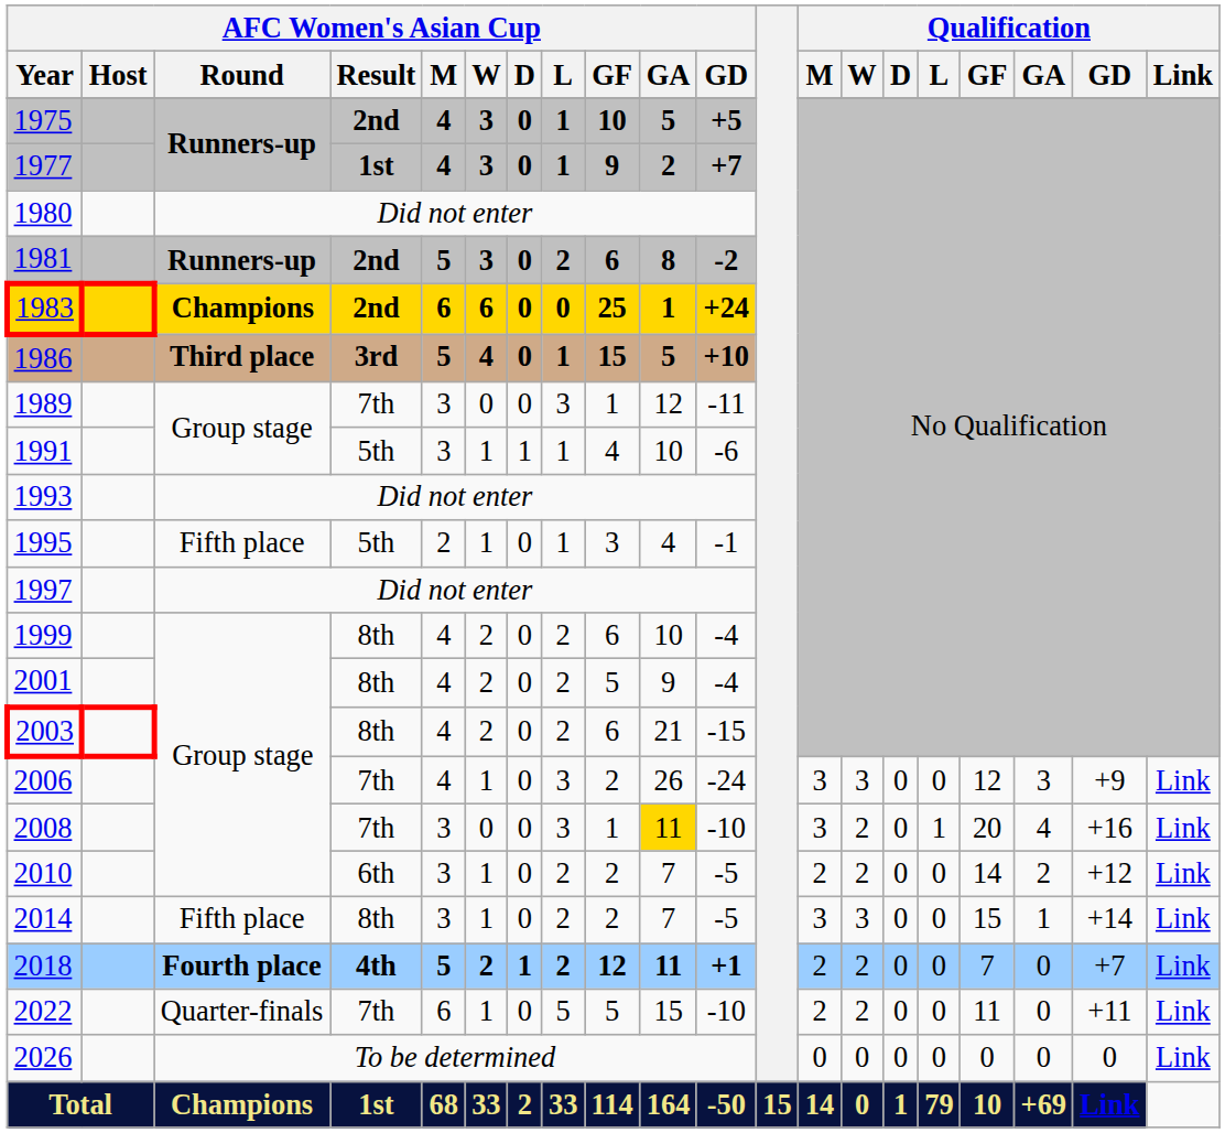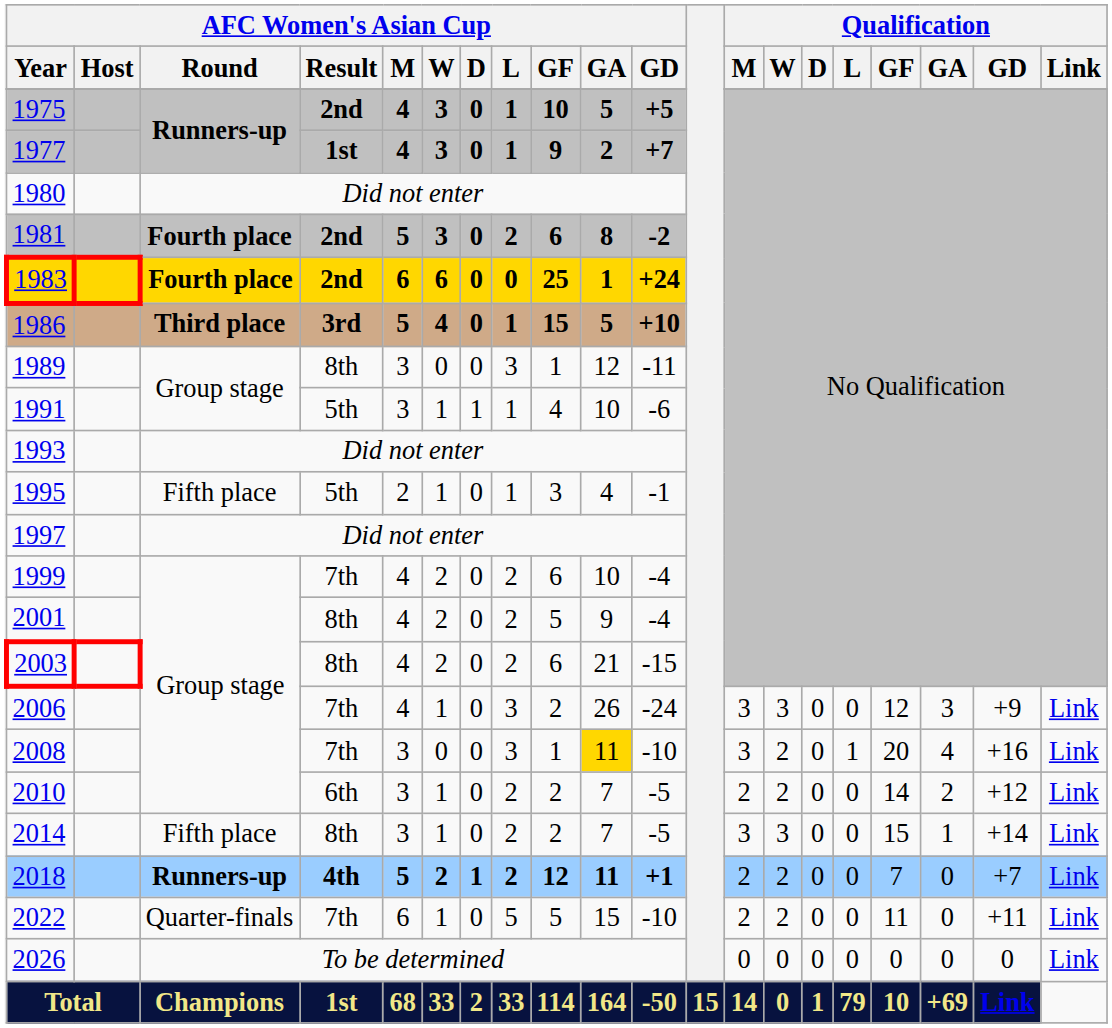 <table class="wikitable" style="text-align: center;font-size:100%;">
 <tr>
 <th colspan=11><a href='#'>AFC Women's Asian Cup</a></th>
 <th width=1 rowspan=24></th>
 <th colspan=8><a href='#'>Qualification</a></th>
 </tr>
 <tr>
 <th>Year</th>
 <th>Host</th>
 <th>Round</th>
 <th>Result</th>
 <th>M</th>
 <th>W</th>
 <th>D</th>
 <th>L</th>
 <th>GF</th>
 <th>GA</th>
 <th>GD</th>
 <th>M</th>
 <th>W</th>
 <th>D</th>
 <th>L</th>
 <th>GF</th>
 <th>GA</th>
 <th>GD</th>
 <th>Link</th>
 </tr>
 <tr>
 </tr>
 <tr style="background:silver;">
 <td style="text-align: left;"><a href='#'>1975</a></td>
 <td style="text-align: left;"></td>
 <td rowspan=2><strong>Runners-up</strong></td>
 <td><strong>2nd</strong></td>
 <td><strong>4</strong></td>
 <td><strong>3</strong></td>
 <td><strong>0</strong></td>
 <td><strong>1</strong></td>
 <td><strong>10</strong></td>
 <td><strong>5</strong></td>
 <td><strong>+5</strong></td>
 <td colspan=8 rowspan=14>No Qualification</td>
 </tr>
 <tr style="background:silver;">
 <td style="text-align: left;"><a href='#'>1977</a></td>
 <td style="text-align: left;"></td>
 <td><strong>1st</strong></td>
 <td><strong>4</strong></td>
 <td><strong>3</strong></td>
 <td><strong>0</strong></td>
 <td><strong>1</strong></td>
 <td><strong>9</strong></td>
 <td><strong>2</strong></td>
 <td><strong>+7</strong></td>
 </tr>
 <tr>
 <td style="text-align: left;"><a href='#'>1980</a></td>
 <td style="text-align: left;"></td>
 <td colspan=9><em>Did not enter</em></td>
 </tr>
 <tr style="background:silver;">
 <td style="text-align: left;"><a href='#'>1981</a></td>
 <td style="text-align: left;"></td>
-<td><strong>Runners-up</strong></td>
+<td><strong>Fourth place</strong></td>
 <td><strong>2nd</strong></td>
 <td><strong>5</strong></td>
 <td><strong>3</strong></td>
 <td><strong>0</strong></td>
 <td><strong>2</strong></td>
 <td><strong>6</strong></td>
 <td><strong>8</strong></td>
 <td><strong>-2</strong></td>
 </tr>
 <tr style="background:gold;">
 <td style="border: 3px solid red; text-align: left"><a href='#'>1983</a></td>
 <td style="border: 3px solid red; text-align: left"></td>
-<td><strong>Champions</strong></td>
+<td><strong>Fourth place</strong></td>
 <td><strong>2nd</strong></td>
 <td><strong>6</strong></td>
 <td><strong>6</strong></td>
 <td><strong>0</strong></td>
 <td><strong>0</strong></td>
 <td><strong>25</strong></td>
 <td><strong>1</strong></td>
 <td><strong>+24</strong></td>
 </tr>
 <tr style="background:#cfaa88;">
 <td style="text-align: left;"><a href='#'>1986</a></td>
 <td style="text-align: left;"></td>
 <td><strong>Third place</strong></td>
 <td><strong>3rd</strong></td>
 <td><strong>5</strong></td>
 <td><strong>4</strong></td>
 <td><strong>0</strong></td>
 <td><strong>1</strong></td>
 <td><strong>15</strong></td>
 <td><strong>5</strong></td>
 <td><strong>+10</strong></td>
 </tr>
 <tr>
 <td style="text-align: left;"><a href='#'>1989</a></td>
 <td style="text-align: left;"></td>
 <td rowspan=2>Group stage</td>
-<td>7th</td>
+<td>8th</td>
 <td>3</td>
 <td>0</td>
 <td>0</td>
 <td>3</td>
 <td>1</td>
 <td>12</td>
 <td>-11</td>
 </tr>
 <tr>
 <td style="text-align: left;"><a href='#'>1991</a></td>
 <td style="text-align: left;"></td>
 <td>5th</td>
 <td>3</td>
 <td>1</td>
 <td>1</td>
 <td>1</td>
 <td>4</td>
 <td>10</td>
 <td>-6</td>
 </tr>
 <tr>
 <td style="text-align: left;"><a href='#'>1993</a></td>
 <td style="text-align: left;"></td>
 <td colspan=9><em>Did not enter</em></td>
 </tr>
 <tr>
 <td style="text-align: left;"><a href='#'>1995</a></td>
 <td style="text-align: left;"></td>
 <td>Fifth place</td>
 <td>5th</td>
 <td>2</td>
 <td>1</td>
 <td>0</td>
 <td>1</td>
 <td>3</td>
 <td>4</td>
 <td>-1</td>
 </tr>
 <tr>
 <td style="text-align: left;"><a href='#'>1997</a></td>
 <td style="text-align: left;"></td>
 <td colspan=9><em>Did not enter</em></td>
 </tr>
 <tr>
 <td style="text-align: left;"><a href='#'>1999</a></td>
 <td style="text-align: left;"></td>
 <td rowspan=6>Group stage</td>
-<td>8th</td>
+<td>7th</td>
 <td>4</td>
 <td>2</td>
 <td>0</td>
 <td>2</td>
 <td>6</td>
 <td>10</td>
 <td>-4</td>
 </tr>
 <tr>
 <td style="text-align: left;"><a href='#'>2001</a></td>
 <td style="text-align: left;"></td>
 <td>8th</td>
 <td>4</td>
 <td>2</td>
 <td>0</td>
 <td>2</td>
 <td>5</td>
 <td>9</td>
 <td>-4</td>
 </tr>
 <tr>
 <td style="border: 3px solid red; text-align: left"><a href='#'>2003</a></td>
 <td style="border: 3px solid red; text-align: left"></td>
 <td>8th</td>
 <td>4</td>
 <td>2</td>
 <td>0</td>
 <td>2</td>
 <td>6</td>
 <td>21</td>
 <td>-15</td>
 </tr>
 <tr>
 <td style="text-align: left;"><a href='#'>2006</a></td>
 <td style="text-align: left;"></td>
 <td>7th</td>
 <td>4</td>
 <td>1</td>
 <td>0</td>
 <td>3</td>
 <td>2</td>
 <td>26</td>
 <td>-24</td>
 <td>3</td>
 <td>3</td>
 <td>0</td>
 <td>0</td>
 <td>12</td>
 <td>3</td>
 <td>+9</td>
 <td><a href='#'>Link</a></td>
 </tr>
 <tr>
 <td style="text-align: left;"><a href='#'>2008</a></td>
 <td style="text-align: left;"></td>
 <td>7th</td>
 <td>3</td>
 <td>0</td>
 <td>0</td>
 <td>3</td>
 <td>1</td>
 <td style="background: gold;">11</td>
 <td>-10</td>
 <td>3</td>
 <td>2</td>
 <td>0</td>
 <td>1</td>
 <td>20</td>
 <td>4</td>
 <td>+16</td>
 <td><a href='#'>Link</a></td>
 </tr>
 <tr>
 <td style="text-align: left;"><a href='#'>2010</a></td>
 <td style="text-align: left;"></td>
 <td>6th</td>
 <td>3</td>
 <td>1</td>
 <td>0</td>
 <td>2</td>
 <td>2</td>
 <td>7</td>
 <td>-5</td>
 <td>2</td>
 <td>2</td>
 <td>0</td>
 <td>0</td>
 <td>14</td>
 <td>2</td>
 <td>+12</td>
 <td><a href='#'>Link</a></td>
 </tr>
 <tr>
 <td style="text-align: left;"><a href='#'>2014</a></td>
 <td style="text-align: left;"></td>
 <td>Fifth place</td>
 <td>8th</td>
 <td>3</td>
 <td>1</td>
 <td>0</td>
 <td>2</td>
 <td>2</td>
 <td>7</td>
 <td>-5</td>
 <td>3</td>
 <td>3</td>
 <td>0</td>
 <td>0</td>
 <td>15</td>
 <td>1</td>
 <td>+14</td>
 <td><a href='#'>Link</a></td>
 </tr>
 <tr style="background:#9acdff;">
 <td style="text-align: left;"><a href='#'>2018</a></td>
 <td style="text-align: left;"></td>
-<td><strong>Fourth place</strong></td>
+<td><strong>Runners-up</strong></td>
 <td><strong>4th</strong></td>
 <td><strong>5</strong></td>
 <td><strong>2</strong></td>
 <td><strong>1</strong></td>
 <td><strong>2</strong></td>
 <td><strong>12</strong></td>
 <td><strong>11</strong></td>
 <td><strong>+1</strong></td>
 <td>2</td>
 <td>2</td>
 <td>0</td>
 <td>0</td>
 <td>7</td>
 <td>0</td>
 <td>+7</td>
 <td><a href='#'>Link</a></td>
 </tr>
 <tr>
 <td style="text-align: left;"><a href='#'>2022</a></td>
 <td style="text-align: left;"></td>
 <td>Quarter-finals</td>
 <td>7th</td>
 <td>6</td>
 <td>1</td>
 <td>0</td>
 <td>5</td>
 <td>5</td>
 <td>15</td>
 <td>-10</td>
 <td>2</td>
 <td>2</td>
 <td>0</td>
 <td>0</td>
 <td>11</td>
 <td>0</td>
 <td>+11</td>
 <td><a href='#'>Link</a></td>
 </tr>
 <tr>
 <td style="text-align: left;"><a href='#'>2026</a></td>
 <td style="text-align: left;"></td>
 <td colspan=9 rowspan=1><em>To be determined</em></td>
 <td>0</td>
 <td>0</td>
 <td>0</td>
 <td>0</td>
 <td>0</td>
 <td>0</td>
 <td>0</td>
 <td><a href='#'>Link</a></td>
 </tr>
 <tr>
 <td colspan=2 style="background: #07123F; color: #F1E788;"><strong>Total</strong></td>
 <td style="background: #07123F; color: #F1E788;"><strong>Champions</strong></td>
 <td style="background: #07123F; color: #F1E788;"><strong>1st</strong></td>
 <td style="background: #07123F; color: #F1E788;"><strong>68</strong></td>
 <td style="background: #07123F; color: #F1E788;"><strong>33</strong></td>
 <td style="background: #07123F; color: #F1E788;"><strong>2</strong></td>
 <td style="background: #07123F; color: #F1E788;"><strong>33</strong></td>
 <td style="background: #07123F; color: #F1E788;"><strong>114</strong></td>
 <td style="background: #07123F; color: #F1E788;"><strong>164</strong></td>
 <td style="background: #07123F; color: #F1E788;"><strong>-50</strong></td>
 <td style="background: #07123F; color: #F1E788;"><strong>15</strong></td>
 <td style="background: #07123F; color: #F1E788;"><strong>14</strong></td>
 <td style="background: #07123F; color: #F1E788;"><strong>0</strong></td>
 <td style="background: #07123F; color: #F1E788;"><strong>1</strong></td>
 <td style="background: #07123F; color: #F1E788;"><strong>79</strong></td>
 <td style="background: #07123F; color: #F1E788;"><strong>10</strong></td>
 <td style="background: #07123F; color: #F1E788;"><strong>+69</strong></td>
 <td style="background: #07123F; color: #F1E788;"><strong><a href='#'>Link</a></strong></td>
 </tr>
 </table>
